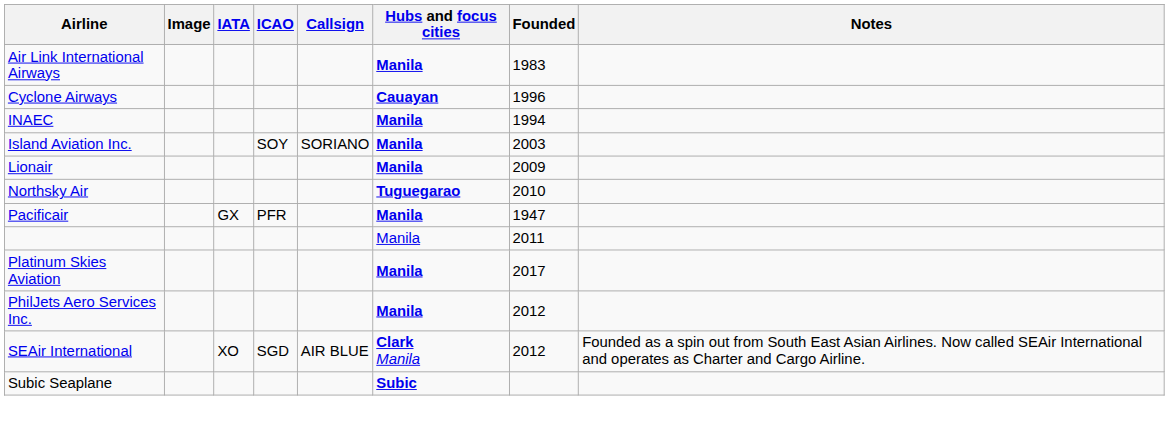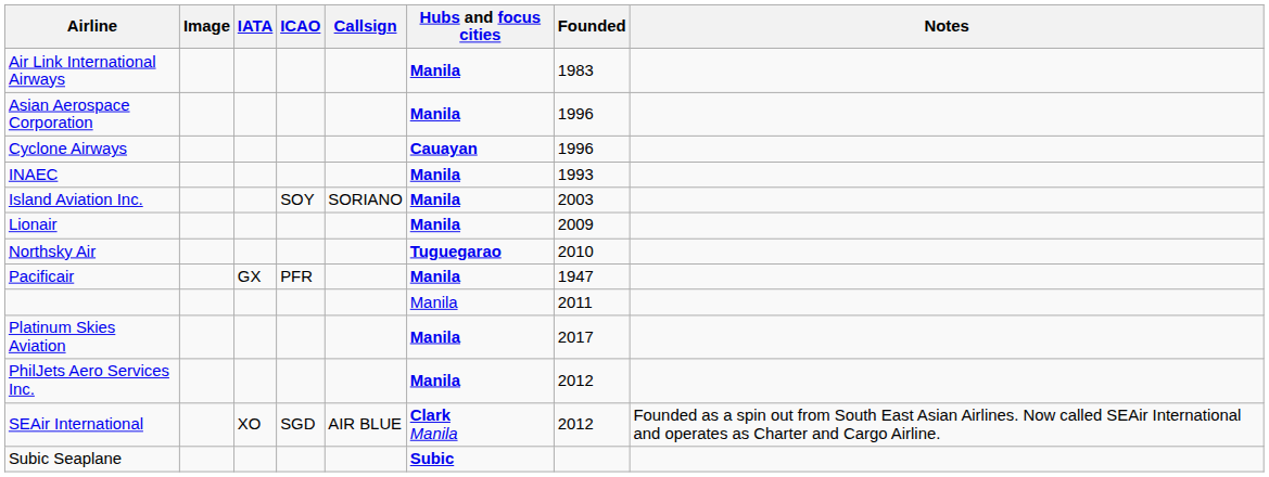 <table class="wikitable" style="border: 0; cellpadding: 2; cellspacing: 3;">
 <tr style="vertical-align:middle;">
 <th>Airline</th>
 <th>Image</th>
 <th><a href='#'>IATA</a></th>
 <th><a href='#'>ICAO</a></th>
 <th><a href='#'>Callsign</a></th>
 <th><a href='#'>Hubs</a> and <a href='#'>focus cities</a></th>
 <th>Founded</th>
 <th>Notes</th>
 </tr>
 <tr>
 <td><a href='#'>Air Link International Airways</a></td>
 <td></td>
 <td></td>
 <td></td>
 <td></td>
 <td><strong><a href='#'>Manila</a></strong></td>
 <td>1983</td>
 <td></td>
 </tr>
 <tr>
+<td><a href='#'>Asian Aerospace Corporation</a></td>
+<td></td>
+<td></td>
+<td></td>
+<td></td>
+<td><strong><a href='#'>Manila</a></strong></td>
+<td>1996</td>
+<td></td>
+</tr>
+<tr>
 <td><a href='#'>Cyclone Airways</a></td>
 <td></td>
 <td></td>
 <td></td>
 <td></td>
 <td><strong><a href='#'>Cauayan</a></strong></td>
 <td>1996</td>
 <td></td>
 </tr>
 <tr>
 <td><a href='#'>INAEC</a></td>
 <td></td>
 <td></td>
 <td></td>
 <td></td>
 <td><strong><a href='#'>Manila</a></strong></td>
-<td>1994</td>
+<td>1993</td>
 <td></td>
 </tr>
 <tr>
 <td><a href='#'>Island Aviation Inc.</a></td>
 <td></td>
 <td></td>
 <td>SOY</td>
 <td>SORIANO</td>
 <td><strong><a href='#'>Manila</a></strong></td>
 <td>2003</td>
 <td></td>
 </tr>
 <tr>
 <td><a href='#'>Lionair</a></td>
 <td></td>
 <td></td>
 <td></td>
 <td></td>
 <td><strong><a href='#'>Manila</a></strong></td>
 <td>2009</td>
 <td></td>
 </tr>
 <tr>
 <td><a href='#'>Northsky Air</a></td>
 <td></td>
 <td></td>
 <td></td>
 <td></td>
 <td><strong><a href='#'>Tuguegarao</a></strong></td>
 <td>2010</td>
 <td></td>
 </tr>
 <tr>
 <td><a href='#'>Pacificair</a></td>
 <td></td>
 <td>GX</td>
 <td>PFR</td>
 <td></td>
 <td><strong><a href='#'>Manila</a></strong></td>
 <td>1947</td>
 <td></td>
 </tr>
 <tr>
 <td></td>
 <td></td>
 <td></td>
 <td></td>
 <td></td>
 <td><a href='#'>Manila</a></td>
 <td>2011</td>
 <td></td>
 </tr>
 <tr>
 <td><a href='#'>Platinum Skies Aviation</a></td>
 <td></td>
 <td></td>
 <td></td>
 <td></td>
 <td><strong><a href='#'>Manila</a></strong></td>
 <td>2017</td>
 <td></td>
 </tr>
 <tr>
 <td><a href='#'>PhilJets Aero Services Inc.</a></td>
 <td></td>
 <td></td>
 <td></td>
 <td></td>
 <td><strong><a href='#'>Manila</a></strong></td>
 <td>2012</td>
 <td></td>
 </tr>
 <tr>
 <td><a href='#'>SEAir International</a></td>
 <td></td>
 <td>XO</td>
 <td>SGD</td>
 <td>AIR BLUE</td>
 <td><strong><a href='#'>Clark</a></strong><br><em><a href='#'>Manila</a></em></td>
 <td>2012</td>
 <td>Founded as a spin out from South East Asian Airlines. Now called SEAir International and operates as Charter and Cargo Airline.</td>
 </tr>
 <tr>
 <td>Subic Seaplane</td>
 <td></td>
 <td></td>
 <td></td>
 <td></td>
 <td><strong><a href='#'>Subic</a></strong></td>
 <td></td>
 <td></td>
 </tr>
 </table>
